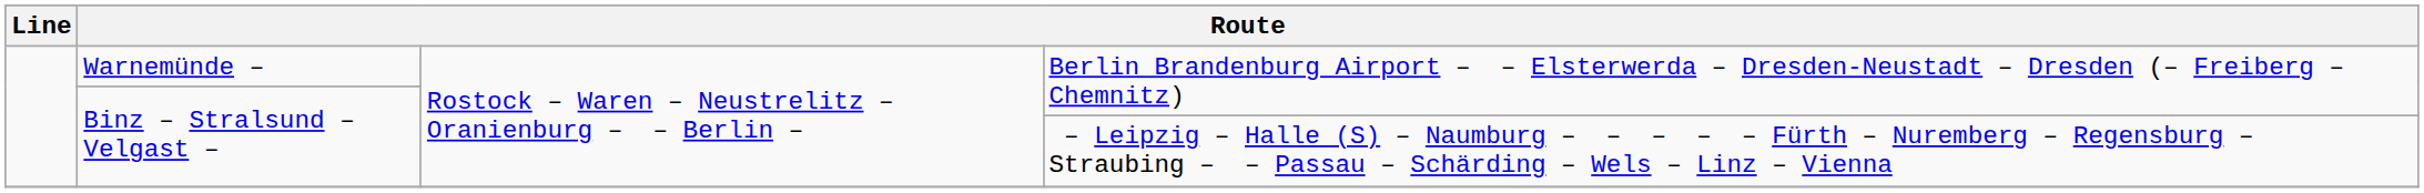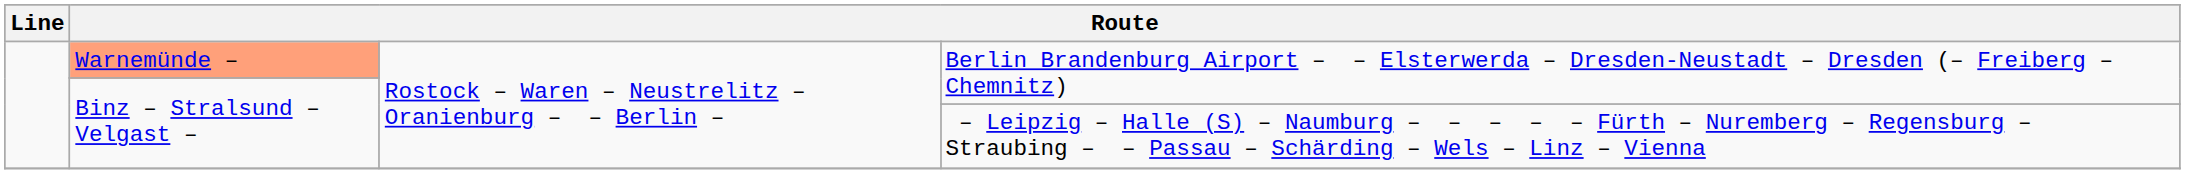 <table class="wikitable">
 <tr>
 <th>Line</th>
 <th colspan="3">Route</th>
 </tr>
 <tr>
 <td rowspan="3"></td>
-<td><a href='#'>Warnemünde</a> –</td>
+<td style="background: lightsalmon;"><a href='#'>Warnemünde</a> –</td>
 <td rowspan="3"><a href='#'>Rostock</a> – <a href='#'>Waren</a> – <a href='#'>Neustrelitz</a> – <a href='#'>Oranienburg</a> –  – <a href='#'>Berlin</a> – </td>
 <td rowspan="2"><a href='#'>Berlin Brandenburg Airport</a> –  – <a href='#'>Elsterwerda</a> – <a href='#'>Dresden-Neustadt</a> – <a href='#'>Dresden</a> (– <a href='#'>Freiberg</a> – <a href='#'>Chemnitz</a>)</td>
 </tr>
 <tr>
 <td rowspan="2"><a href='#'>Binz</a> – <a href='#'>Stralsund</a> – <a href='#'>Velgast</a> –</td>
 </tr>
 <tr>
 <td>  – <a href='#'>Leipzig</a> – <a href='#'>Halle (S)</a> – <a href='#'>Naumburg</a> –   –   –  –  – <a href='#'>Fürth</a> – <a href='#'>Nuremberg</a> – <a href='#'>Regensburg</a> – Straubing –  – <a href='#'>Passau</a> – <a href='#'>Schärding</a> – <a href='#'>Wels</a> – <a href='#'>Linz</a> –   <a href='#'>Vienna</a></td>
 </tr>
 <tr>
 </tr>
 </table>
